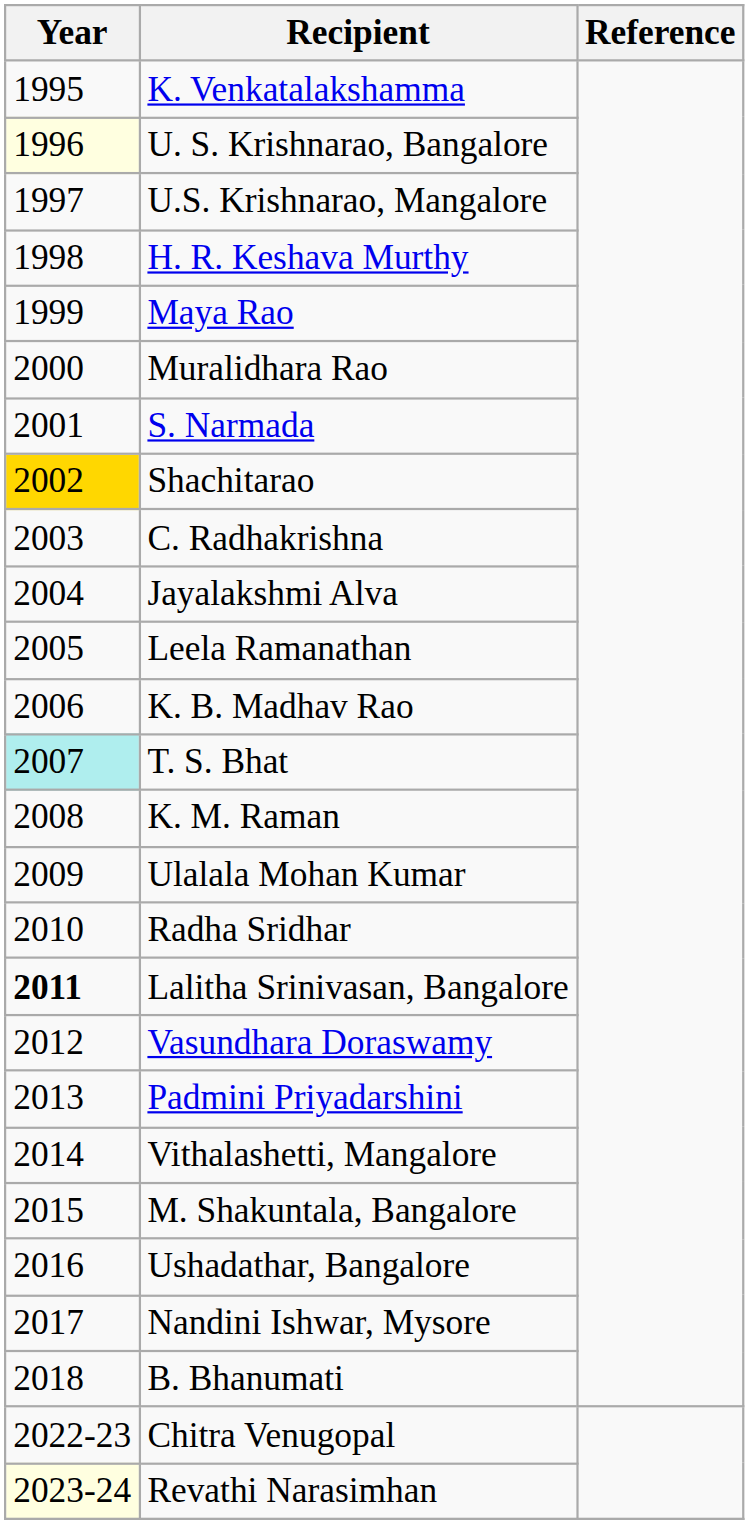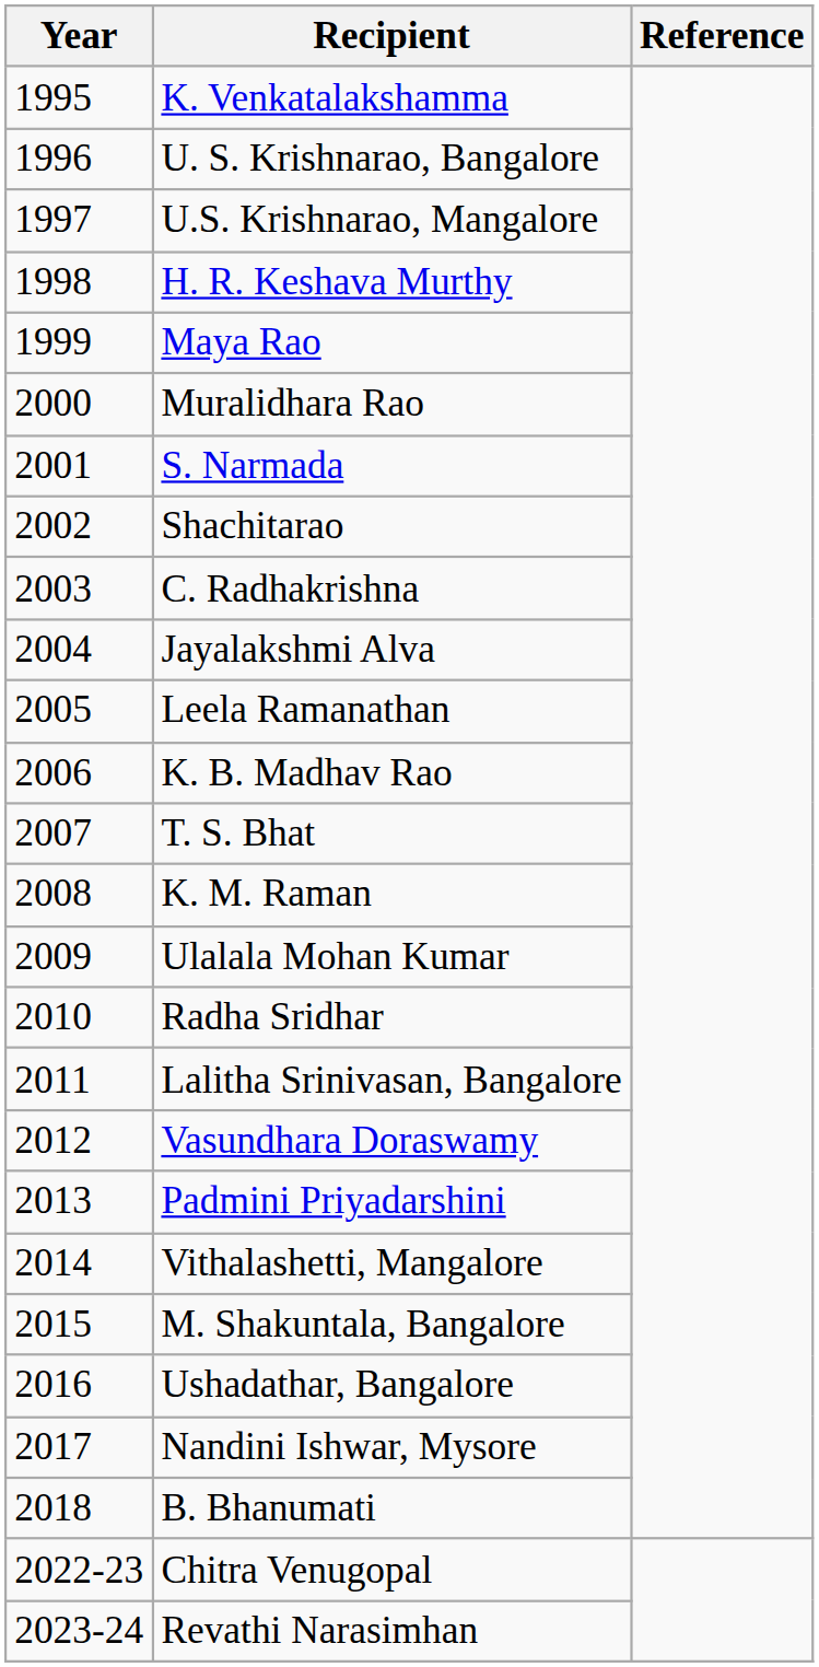 <table class="wikitable" >
 <tr>
 <th>Year</th>
 <th>Recipient</th>
 <th>Reference</th>
 </tr>
 <tr>
 <td>1995</td>
 <td><a href='#'>K. Venkatalakshamma</a></td>
 <td rowspan="24"></td>
 </tr>
 <tr>
-<td style="background: lightyellow;">1996</td>
+<td>1996</td>
 <td>U. S. Krishnarao, Bangalore</td>
 </tr>
 <tr>
 <td>1997</td>
 <td>U.S. Krishnarao, Mangalore</td>
 </tr>
 <tr>
 <td>1998</td>
 <td><a href='#'>H. R. Keshava Murthy</a></td>
 </tr>
 <tr>
 <td>1999</td>
 <td><a href='#'>Maya Rao</a></td>
 </tr>
 <tr>
 <td>2000</td>
 <td>Muralidhara Rao</td>
 </tr>
 <tr>
 <td>2001</td>
 <td><a href='#'>S. Narmada</a></td>
 </tr>
 <tr>
-<td style="background: gold;">2002</td>
+<td>2002</td>
 <td>Shachitarao</td>
 </tr>
 <tr>
 <td>2003</td>
 <td>C. Radhakrishna</td>
 </tr>
 <tr>
 <td>2004</td>
 <td>Jayalakshmi Alva</td>
 </tr>
 <tr>
 <td>2005</td>
 <td>Leela Ramanathan</td>
 </tr>
 <tr>
 <td>2006</td>
 <td>K. B. Madhav Rao</td>
 </tr>
 <tr>
-<td style="background: paleturquoise;">2007</td>
+<td>2007</td>
 <td>T. S. Bhat</td>
 </tr>
 <tr>
 <td>2008</td>
 <td>K. M. Raman</td>
 </tr>
 <tr>
 <td>2009</td>
 <td>Ulalala Mohan Kumar</td>
 </tr>
 <tr>
 <td>2010</td>
 <td>Radha Sridhar</td>
 </tr>
 <tr>
-<td><strong>2011</strong></td>
+<td>2011</td>
 <td>Lalitha Srinivasan, Bangalore</td>
 </tr>
 <tr>
 <td>2012</td>
 <td><a href='#'>Vasundhara Doraswamy</a></td>
 </tr>
 <tr>
 <td>2013</td>
 <td><a href='#'>Padmini Priyadarshini</a></td>
 </tr>
 <tr>
 <td>2014</td>
 <td>Vithalashetti, Mangalore</td>
 </tr>
 <tr>
 <td>2015</td>
 <td>M. Shakuntala, Bangalore</td>
 </tr>
 <tr>
 <td>2016</td>
 <td>Ushadathar, Bangalore</td>
 </tr>
 <tr>
 <td>2017</td>
 <td>Nandini Ishwar, Mysore</td>
 </tr>
 <tr>
 <td>2018</td>
 <td>B. Bhanumati</td>
 </tr>
 <tr>
 <td>2022-23</td>
 <td>Chitra Venugopal</td>
 <td rowspan="2"></td>
 </tr>
 <tr>
-<td style="background: lightyellow;">2023-24</td>
+<td>2023-24</td>
 <td>Revathi Narasimhan</td>
 </tr>
 <tr>
 </tr>
 </table>
